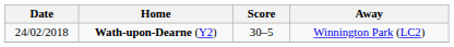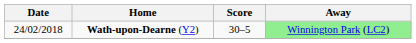 <table class="wikitable" style="text-align: center">
 <tr>
 <th width=100>Date</th>
 <th width=250>Home</th>
 <th width=80>Score</th>
 <th width=250>Away</th>
 </tr>
 <tr>
 <td>24/02/2018</td>
 <td><strong>Wath-upon-Dearne</strong> (<a href='#'>Y2</a>)</td>
 <td>30–5</td>
-<td><a href='#'>Winnington Park</a> (<a href='#'>LC2</a>)</td>
+<td style="background: lightgreen;"><a href='#'>Winnington Park</a> (<a href='#'>LC2</a>)</td>
 </tr>
 <tr>
 </tr>
 </table>
